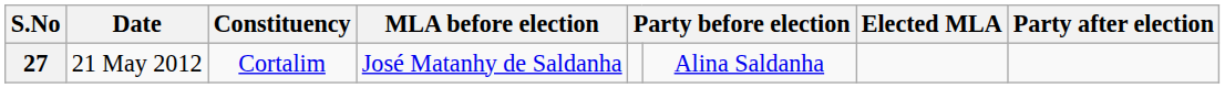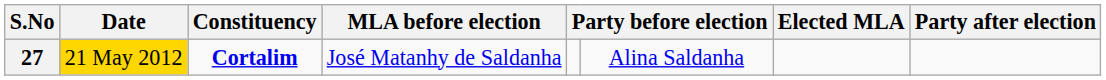 <table class="wikitable sortable" style="text-align:center;">
 <tr>
 <th>S.No</th>
 <th>Date</th>
 <th>Constituency</th>
 <th>MLA before election</th>
 <th colspan="2">Party before election</th>
 <th>Elected MLA</th>
 <th colspan="2">Party after election</th>
 </tr>
 <tr>
 <th>27</th>
-<td>21 May 2012</td>
-<td><a href='#'>Cortalim</a></td>
+<td style="background: gold;">21 May 2012</td>
+<td><strong><a href='#'>Cortalim</a></strong></td>
 <td><a href='#'>José Matanhy de Saldanha</a></td>
 <td></td>
 <td><a href='#'>Alina Saldanha</a></td>
 <td></td>
 </tr>
 </table>
